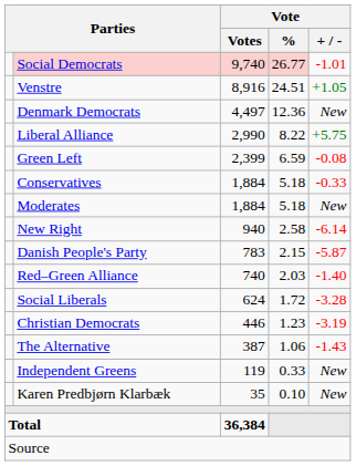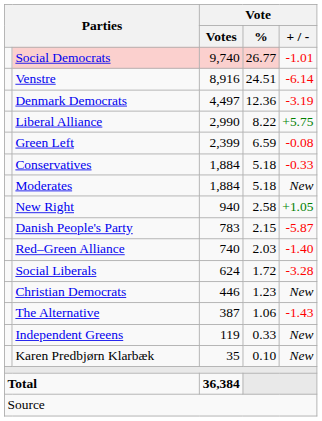 <table class="wikitable" style="text-align:right;">
 <tr>
 <th style="text-align:centre;" rowspan="2" colspan="2" width="225">Parties</th>
 <th colspan="3">Vote</th>
 </tr>
 <tr>
 <th width="15">Votes</th>
 <th width="15">%</th>
 <th width="15">+ / -</th>
 </tr>
 <tr>
 <td width="2" style="color:inherit;background:"></td>
 <td bgcolor=#fbd0ce  align="left"><a href='#'>Social Democrats</a></td>
 <td bgcolor=#fbd0ce>9,740</td>
 <td bgcolor=#fbd0ce>26.77</td>
 <td style=color:red;>-1.01</td>
 </tr>
 <tr>
 <td width="2" style="color:inherit;background:"></td>
 <td align="left"><a href='#'>Venstre</a></td>
 <td>8,916</td>
 <td>24.51</td>
-<td style=color:green;>+1.05</td>
+<td style=color:red;>-6.14</td>
 </tr>
 <tr>
 <td width="2" style="color:inherit;background:"></td>
 <td align="left"><a href='#'>Denmark Democrats</a></td>
 <td>4,497</td>
 <td>12.36</td>
-<td><em>New</em></td>
+<td style=color:red;>-3.19</td>
 </tr>
 <tr>
 <td width="2" style="color:inherit;background:"></td>
 <td align="left"><a href='#'>Liberal Alliance</a></td>
 <td>2,990</td>
 <td>8.22</td>
 <td style=color:green;>+5.75</td>
 </tr>
 <tr>
 <td width="2" style="color:inherit;background:"></td>
 <td align="left"><a href='#'>Green Left</a></td>
 <td>2,399</td>
 <td>6.59</td>
 <td style=color:red;>-0.08</td>
 </tr>
 <tr>
 <td width="2" style="color:inherit;background:"></td>
 <td align="left"><a href='#'>Conservatives</a></td>
 <td>1,884</td>
 <td>5.18</td>
 <td style=color:red;>-0.33</td>
 </tr>
 <tr>
 <td width="2" style="color:inherit;background:"></td>
 <td align="left"><a href='#'>Moderates</a></td>
 <td>1,884</td>
 <td>5.18</td>
 <td><em>New</em></td>
 </tr>
 <tr>
 <td width="2" style="color:inherit;background:"></td>
 <td align="left"><a href='#'>New Right</a></td>
 <td>940</td>
 <td>2.58</td>
-<td style=color:red;>-6.14</td>
+<td style=color:green;>+1.05</td>
 </tr>
 <tr>
 <td width="2" style="color:inherit;background:"></td>
 <td align="left"><a href='#'>Danish People's Party</a></td>
 <td>783</td>
 <td>2.15</td>
 <td style=color:red;>-5.87</td>
 </tr>
 <tr>
 <td width="2" style="color:inherit;background:"></td>
 <td align="left"><a href='#'>Red–Green Alliance</a></td>
 <td>740</td>
 <td>2.03</td>
 <td style=color:red;>-1.40</td>
 </tr>
 <tr>
 <td width="2" style="color:inherit;background:"></td>
 <td align="left"><a href='#'>Social Liberals</a></td>
 <td>624</td>
 <td>1.72</td>
 <td style=color:red;>-3.28</td>
 </tr>
 <tr>
 <td width="2" style="color:inherit;background:"></td>
 <td align="left"><a href='#'>Christian Democrats</a></td>
 <td>446</td>
 <td>1.23</td>
-<td style=color:red;>-3.19</td>
+<td><em>New</em></td>
 </tr>
 <tr>
 <td width="2" style="color:inherit;background:"></td>
 <td align="left"><a href='#'>The Alternative</a></td>
 <td>387</td>
 <td>1.06</td>
 <td style=color:red;>-1.43</td>
 </tr>
 <tr>
 <td width="2" style="color:inherit;background:"></td>
 <td align="left"><a href='#'>Independent Greens</a></td>
 <td>119</td>
 <td>0.33</td>
 <td><em>New</em></td>
 </tr>
 <tr>
 <td width="2" style="color:inherit;background:"></td>
 <td align="left">Karen Predbjørn Klarbæk</td>
 <td>35</td>
 <td>0.10</td>
 <td><em>New</em></td>
 </tr>
 <tr>
 <td colspan="7" bgcolor="#E9E9E9"></td>
 </tr>
 <tr>
 <td align="left" colspan="2"><strong>Total</strong></td>
 <td><strong>36,384</strong></td>
 <td bgcolor="#E9E9E9" colspan="2"></td>
 </tr>
 <tr>
 <td align="left" colspan="6">Source</td>
 </tr>
 </table>
